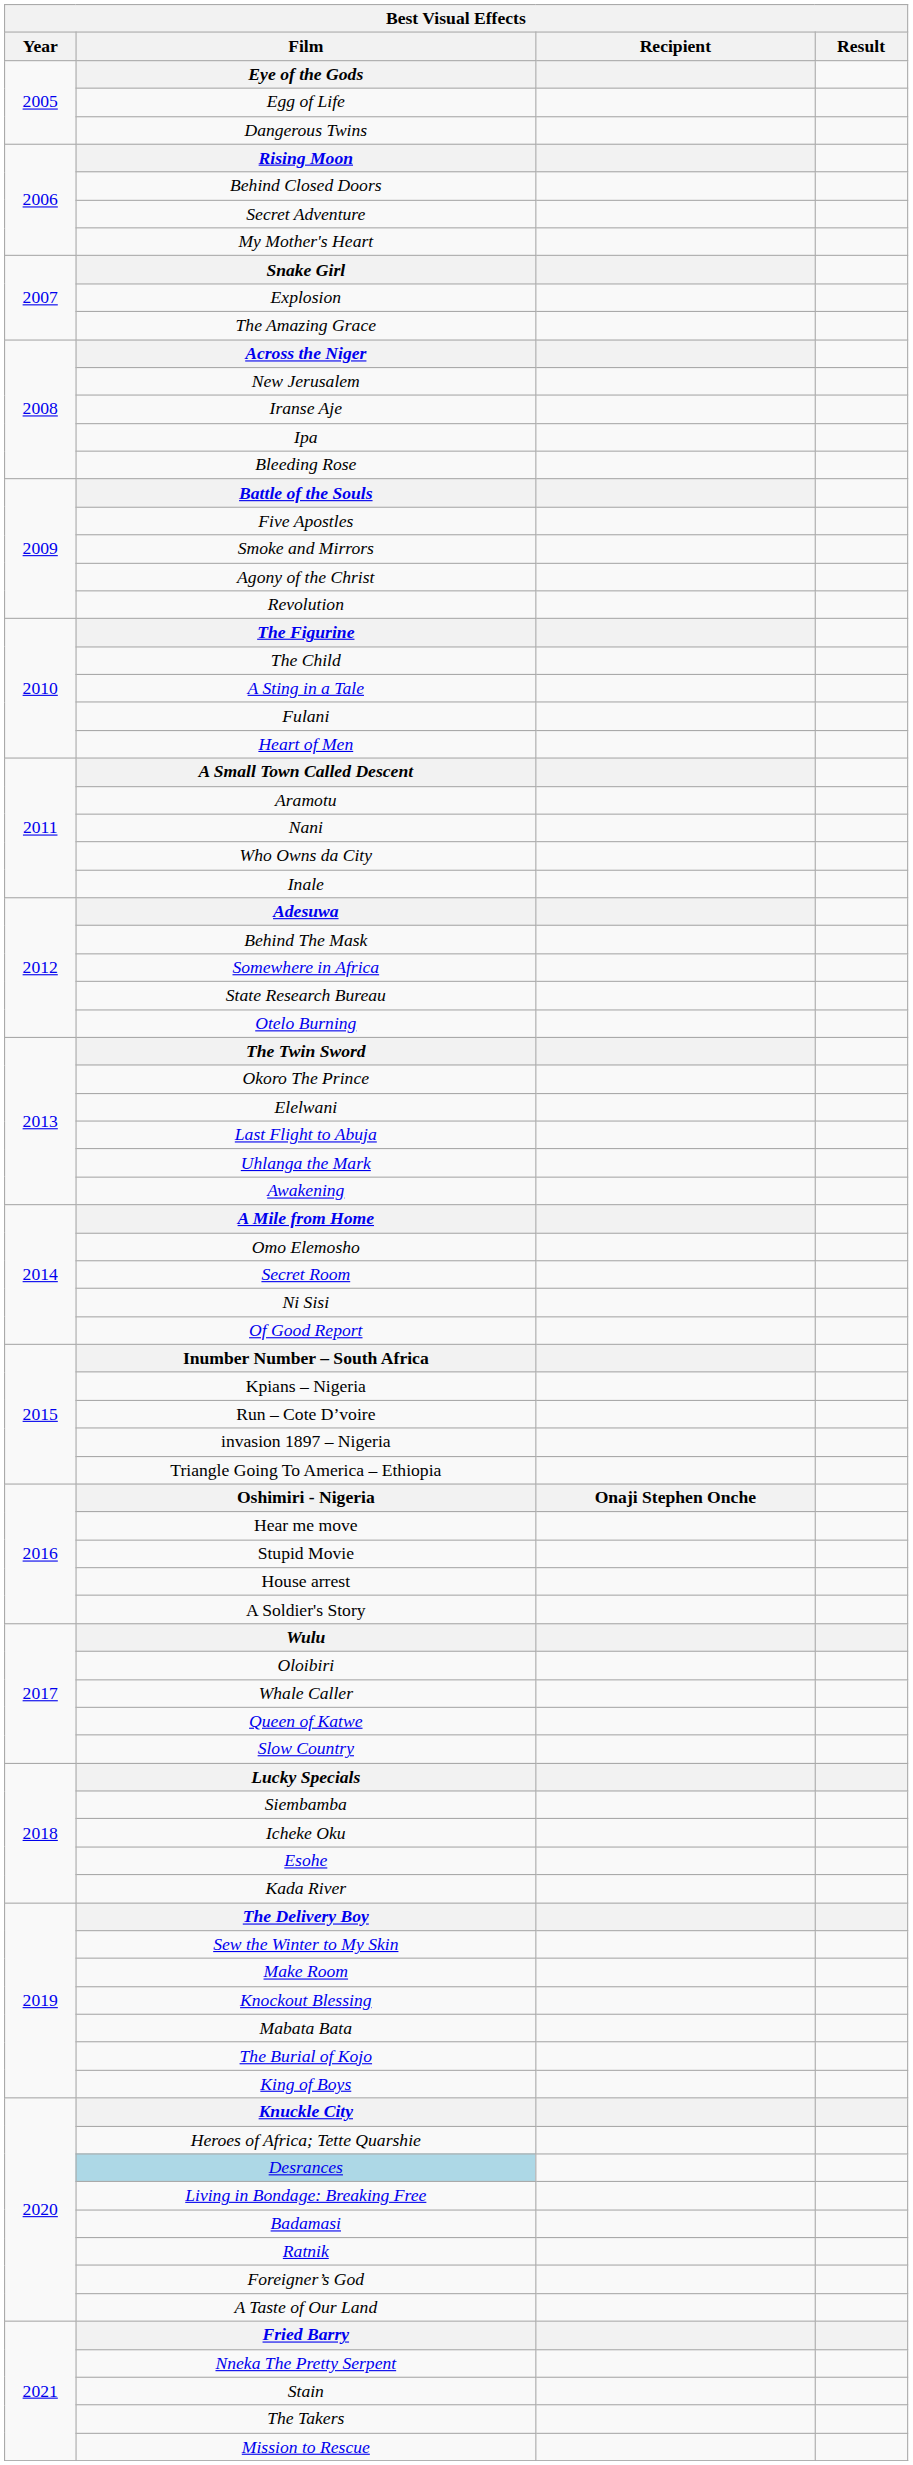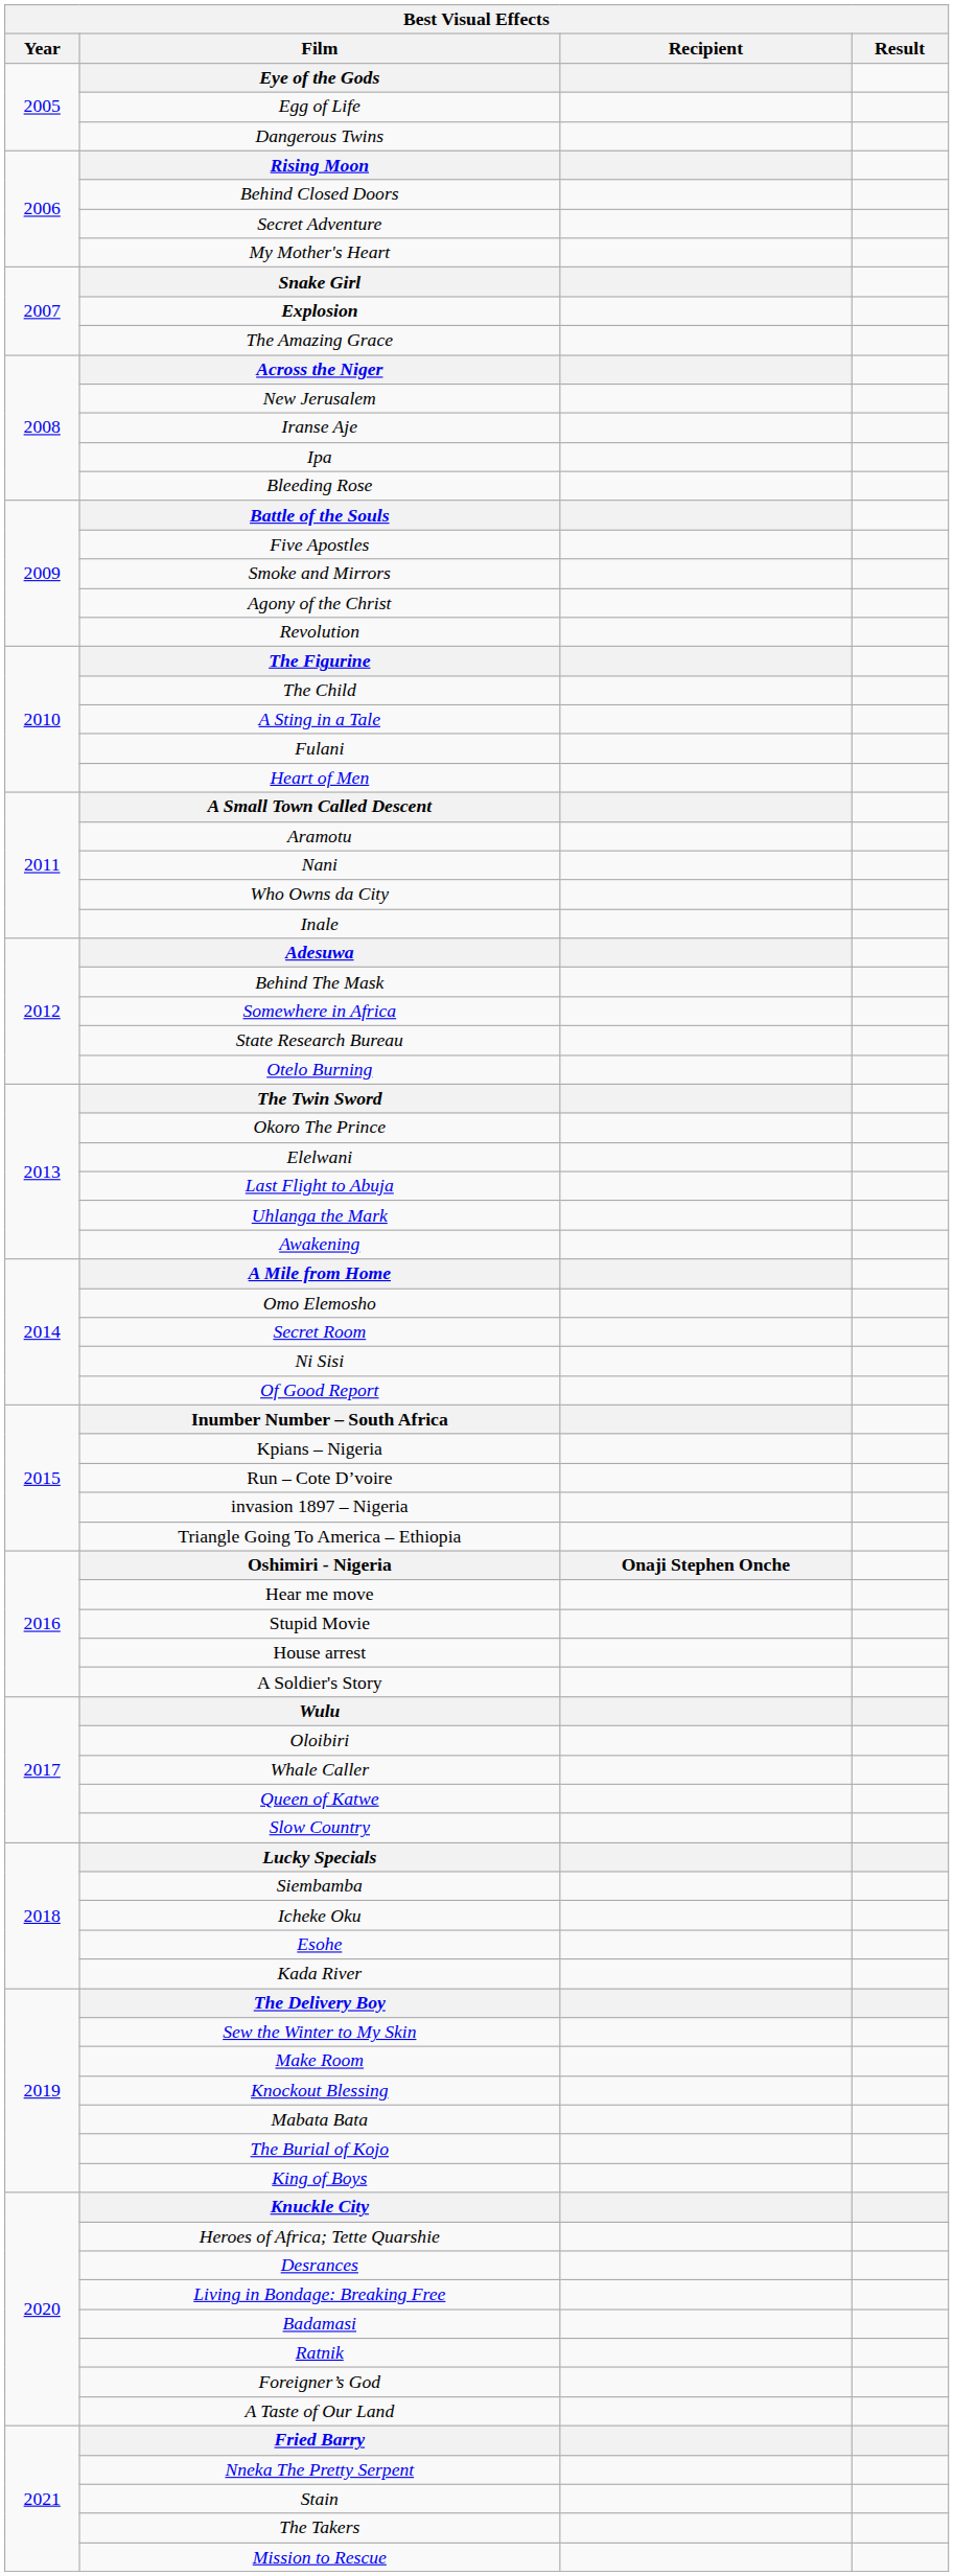 <table class=wikitable style="text-align:center" width="65%">
 <tr>
 <th colspan="4">Best Visual Effects</th>
 </tr>
 <tr>
 <th>Year</th>
 <th>Film</th>
 <th>Recipient</th>
 <th>Result</th>
 </tr>
 <tr>
 <td rowspan="3"><a href='#'>2005</a></td>
 <th><em>Eye of the Gods</em></th>
 <th></th>
 <td></td>
 </tr>
 <tr>
 <td><em>Egg of Life</em></td>
 <td></td>
 <td></td>
 </tr>
 <tr>
 <td><em>Dangerous Twins</em></td>
 <td></td>
 <td></td>
 </tr>
 <tr>
 <td rowspan="4"><a href='#'>2006</a></td>
 <th><em><a href='#'>Rising Moon</a></em></th>
 <th></th>
 <td></td>
 </tr>
 <tr>
 <td><em>Behind Closed Doors</em></td>
 <td></td>
 <td></td>
 </tr>
 <tr>
 <td><em>Secret Adventure</em></td>
 <td></td>
 <td></td>
 </tr>
 <tr>
 <td><em>My Mother's Heart</em></td>
 <td></td>
 <td></td>
 </tr>
 <tr>
 <td rowspan="3"><a href='#'>2007</a></td>
 <th><em>Snake Girl</em></th>
 <th></th>
 <td></td>
 </tr>
 <tr>
-<td><em>Explosion</em></td>
+<td><strong><em>Explosion</em></strong></td>
 <td></td>
 <td></td>
 </tr>
 <tr>
 <td><em>The Amazing Grace</em></td>
 <td></td>
 <td></td>
 </tr>
 <tr>
 <td rowspan="5"><a href='#'>2008</a></td>
 <th><em><a href='#'>Across the Niger</a></em></th>
 <th></th>
 <td></td>
 </tr>
 <tr>
 <td><em>New Jerusalem</em></td>
 <td></td>
 <td></td>
 </tr>
 <tr>
 <td><em>Iranse Aje</em></td>
 <td></td>
 <td></td>
 </tr>
 <tr>
 <td><em>Ipa</em></td>
 <td></td>
 <td></td>
 </tr>
 <tr>
 <td><em>Bleeding Rose</em></td>
 <td></td>
 <td></td>
 </tr>
 <tr>
 <td rowspan="5"><a href='#'>2009</a></td>
 <th><em><a href='#'>Battle of the Souls</a></em></th>
 <th></th>
 <td></td>
 </tr>
 <tr>
 <td><em>Five Apostles</em></td>
 <td></td>
 <td></td>
 </tr>
 <tr>
 <td><em>Smoke and Mirrors</em></td>
 <td></td>
 <td></td>
 </tr>
 <tr>
 <td><em>Agony of the Christ</em></td>
 <td></td>
 <td></td>
 </tr>
 <tr>
 <td><em>Revolution</em></td>
 <td></td>
 <td></td>
 </tr>
 <tr>
 <td rowspan="5"><a href='#'>2010</a></td>
 <th><em><a href='#'>The Figurine</a></em></th>
 <th></th>
 <td></td>
 </tr>
 <tr>
 <td><em>The Child</em></td>
 <td></td>
 <td></td>
 </tr>
 <tr>
 <td><em><a href='#'>A Sting in a Tale</a></em></td>
 <td></td>
 <td></td>
 </tr>
 <tr>
 <td><em>Fulani</em></td>
 <td></td>
 <td></td>
 </tr>
 <tr>
 <td><em><a href='#'>Heart of Men</a></em></td>
 <td></td>
 <td></td>
 </tr>
 <tr>
 <td rowspan="5"><a href='#'>2011</a></td>
 <th><em>A Small Town Called Descent</em></th>
 <th></th>
 <td></td>
 </tr>
 <tr>
 <td><em>Aramotu</em></td>
 <td></td>
 <td></td>
 </tr>
 <tr>
 <td><em>Nani</em></td>
 <td></td>
 <td></td>
 </tr>
 <tr>
 <td><em>Who Owns da City</em></td>
 <td></td>
 <td></td>
 </tr>
 <tr>
 <td><em>Inale</em></td>
 <td></td>
 <td></td>
 </tr>
 <tr>
 <td rowspan="5"><a href='#'>2012</a></td>
 <th><em><a href='#'>Adesuwa</a></em></th>
 <th></th>
 <td></td>
 </tr>
 <tr>
 <td><em>Behind The Mask</em></td>
 <td></td>
 <td></td>
 </tr>
 <tr>
 <td><em><a href='#'>Somewhere in Africa</a></em></td>
 <td></td>
 <td></td>
 </tr>
 <tr>
 <td><em>State Research Bureau</em></td>
 <td></td>
 <td></td>
 </tr>
 <tr>
 <td><em><a href='#'>Otelo Burning</a></em></td>
 <td></td>
 <td></td>
 </tr>
 <tr>
 <td rowspan="6"><a href='#'>2013</a></td>
 <th><em>The Twin Sword</em></th>
 <th></th>
 <td></td>
 </tr>
 <tr>
 <td><em>Okoro The Prince</em></td>
 <td></td>
 <td></td>
 </tr>
 <tr>
 <td><em>Elelwani</em></td>
 <td></td>
 <td></td>
 </tr>
 <tr>
 <td><em><a href='#'>Last Flight to Abuja</a></em></td>
 <td></td>
 <td></td>
 </tr>
 <tr>
 <td><em><a href='#'>Uhlanga the Mark</a></em></td>
 <td></td>
 <td></td>
 </tr>
 <tr>
 <td><em><a href='#'>Awakening</a></em></td>
 <td></td>
 <td></td>
 </tr>
 <tr>
 <td rowspan="5"><a href='#'>2014</a></td>
 <th><em><a href='#'>A Mile from Home</a></em></th>
 <th></th>
 <td></td>
 </tr>
 <tr>
 <td><em>Omo Elemosho</em></td>
 <td></td>
 <td></td>
 </tr>
 <tr>
 <td><em><a href='#'>Secret Room</a></em></td>
 <td></td>
 <td></td>
 </tr>
 <tr>
 <td><em>Ni Sisi</em></td>
 <td></td>
 <td></td>
 </tr>
 <tr>
 <td><em><a href='#'>Of Good Report</a></em></td>
 <td></td>
 <td></td>
 </tr>
 <tr>
 <td rowspan="5"><a href='#'>2015</a></td>
 <th>Inumber Number – South Africa</th>
 <th></th>
 <td></td>
 </tr>
 <tr>
 <td>Kpians – Nigeria</td>
 <td></td>
 <td></td>
 </tr>
 <tr>
 <td>Run – Cote D’voire</td>
 <td></td>
 <td></td>
 </tr>
 <tr>
 <td>invasion 1897 – Nigeria</td>
 <td></td>
 <td></td>
 </tr>
 <tr>
 <td>Triangle Going To America – Ethiopia</td>
 <td></td>
 <td></td>
 </tr>
 <tr>
 <td rowspan="5"><a href='#'>2016</a></td>
 <th>Oshimiri - Nigeria</th>
 <th>Onaji Stephen Onche </th>
 <td></td>
 </tr>
 <tr>
 <td>Hear me move</td>
 <td></td>
 <td></td>
 </tr>
 <tr>
 <td>Stupid Movie</td>
 <td></td>
 <td></td>
 </tr>
 <tr>
 <td>House arrest</td>
 <td></td>
 <td></td>
 </tr>
 <tr>
 <td>A Soldier's Story</td>
 <td></td>
 <td></td>
 </tr>
 <tr>
 <td rowspan="5"><a href='#'>2017</a></td>
 <th><strong><em>Wulu</em></strong></th>
 <th></th>
 <th></th>
 </tr>
 <tr>
 <td><em>Oloibiri</em></td>
 <td></td>
 <td></td>
 </tr>
 <tr>
 <td><em>Whale Caller</em></td>
 <td></td>
 <td></td>
 </tr>
 <tr>
 <td><em><a href='#'>Queen of Katwe</a></em></td>
 <td></td>
 <td></td>
 </tr>
 <tr>
 <td><a href='#'><em>Slow Country</em></a></td>
 <td></td>
 <td></td>
 </tr>
 <tr>
 <td rowspan="5"><a href='#'>2018</a></td>
 <th><strong><em>Lucky Specials</em></strong></th>
 <th></th>
 <th></th>
 </tr>
 <tr>
 <td><em>Siembamba</em></td>
 <td></td>
 <td></td>
 </tr>
 <tr>
 <td><em>Icheke Oku</em></td>
 <td></td>
 <td></td>
 </tr>
 <tr>
 <td><em><a href='#'>Esohe</a></em></td>
 <td></td>
 <td></td>
 </tr>
 <tr>
 <td><em>Kada River</em></td>
 <td></td>
 <td></td>
 </tr>
 <tr>
 <td rowspan="7"><a href='#'>2019</a></td>
 <th><strong><em><a href='#'>The Delivery Boy</a></em></strong></th>
 <th></th>
 <th></th>
 </tr>
 <tr>
 <td><em><a href='#'>Sew the Winter to My Skin</a></em></td>
 <td></td>
 <td></td>
 </tr>
 <tr>
 <td><em><a href='#'>Make Room</a></em></td>
 <td></td>
 <td></td>
 </tr>
 <tr>
 <td><em><a href='#'>Knockout Blessing</a></em></td>
 <td></td>
 <td></td>
 </tr>
 <tr>
 <td><em>Mabata Bata</em></td>
 <td></td>
 <td></td>
 </tr>
 <tr>
 <td><em><a href='#'>The Burial of Kojo</a></em></td>
 <td></td>
 <td></td>
 </tr>
 <tr>
 <td><em><a href='#'>King of Boys</a></em></td>
 <td></td>
 <td></td>
 </tr>
 <tr>
 <td rowspan="8"><a href='#'>2020</a></td>
 <th><strong><em><a href='#'>Knuckle City</a></em></strong></th>
 <th></th>
 <th></th>
 </tr>
 <tr>
 <td><em>Heroes of Africa; Tette Quarshie</em></td>
 <td></td>
 <td></td>
 </tr>
 <tr>
-<td style="background: lightblue;"><em><a href='#'>Desrances</a></em></td>
+<td><em><a href='#'>Desrances</a></em></td>
 <td></td>
 <td></td>
 </tr>
 <tr>
 <td><em><a href='#'>Living in Bondage: Breaking Free</a></em></td>
 <td></td>
 <td></td>
 </tr>
 <tr>
 <td><em><a href='#'>Badamasi</a></em></td>
 <td></td>
 <td></td>
 </tr>
 <tr>
 <td><em><a href='#'>Ratnik</a></em></td>
 <td></td>
 <td></td>
 </tr>
 <tr>
 <td><em>Foreigner’s God</em></td>
 <td></td>
 <td></td>
 </tr>
 <tr>
 <td><em>A Taste of Our Land</em></td>
 <td></td>
 <td></td>
 </tr>
 <tr>
 <td rowspan="5"><a href='#'>2021</a></td>
 <th><em><a href='#'>Fried Barry</a></em></th>
 <th></th>
 <th></th>
 </tr>
 <tr>
 <td><em><a href='#'>Nneka The Pretty Serpent</a></em></td>
 <td></td>
 <td></td>
 </tr>
 <tr>
 <td><em>Stain</em></td>
 <td></td>
 <td></td>
 </tr>
 <tr>
 <td><em>The Takers</em></td>
 <td></td>
 <td></td>
 </tr>
 <tr>
 <td><em><a href='#'>Mission to Rescue</a></em></td>
 <td></td>
 <td></td>
 </tr>
 <tr>
 </tr>
 </table>
